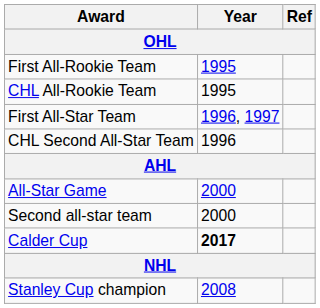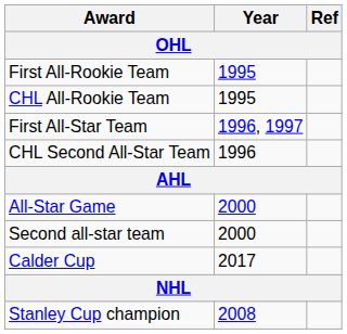 <table class="wikitable">
 <tr>
 <th>Award</th>
 <th>Year</th>
 <th>Ref</th>
 </tr>
 <tr ALIGN="center" bgcolor="#e0e0e0">
 <th colspan="3"><a href='#'>OHL</a></th>
 </tr>
 <tr>
 <td>First All-Rookie Team</td>
 <td><a href='#'>1995</a></td>
 <td></td>
 </tr>
 <tr>
 <td><a href='#'>CHL</a> All-Rookie Team</td>
 <td>1995</td>
 <td></td>
 </tr>
 <tr>
 <td>First All-Star Team</td>
 <td><a href='#'>1996</a>, <a href='#'>1997</a></td>
 <td></td>
 </tr>
 <tr>
 <td>CHL Second All-Star Team</td>
 <td>1996</td>
 <td></td>
 </tr>
 <tr ALIGN="center" bgcolor="#e0e0e0">
 <th colspan="3"><a href='#'>AHL</a></th>
 </tr>
 <tr>
 <td><a href='#'>All-Star Game</a></td>
 <td><a href='#'>2000</a></td>
 <td></td>
 </tr>
 <tr>
 <td>Second all-star team</td>
 <td>2000</td>
 <td></td>
 </tr>
 <tr>
 <td><a href='#'>Calder Cup</a></td>
-<td><strong>2017</strong></td>
+<td>2017</td>
 <td></td>
 </tr>
 <tr ALIGN="center" bgcolor="#e0e0e0">
 <th colspan="3"><a href='#'>NHL</a></th>
 </tr>
 <tr>
 <td><a href='#'>Stanley Cup</a> champion</td>
 <td><a href='#'>2008</a></td>
 <td></td>
 </tr>
 </table>
